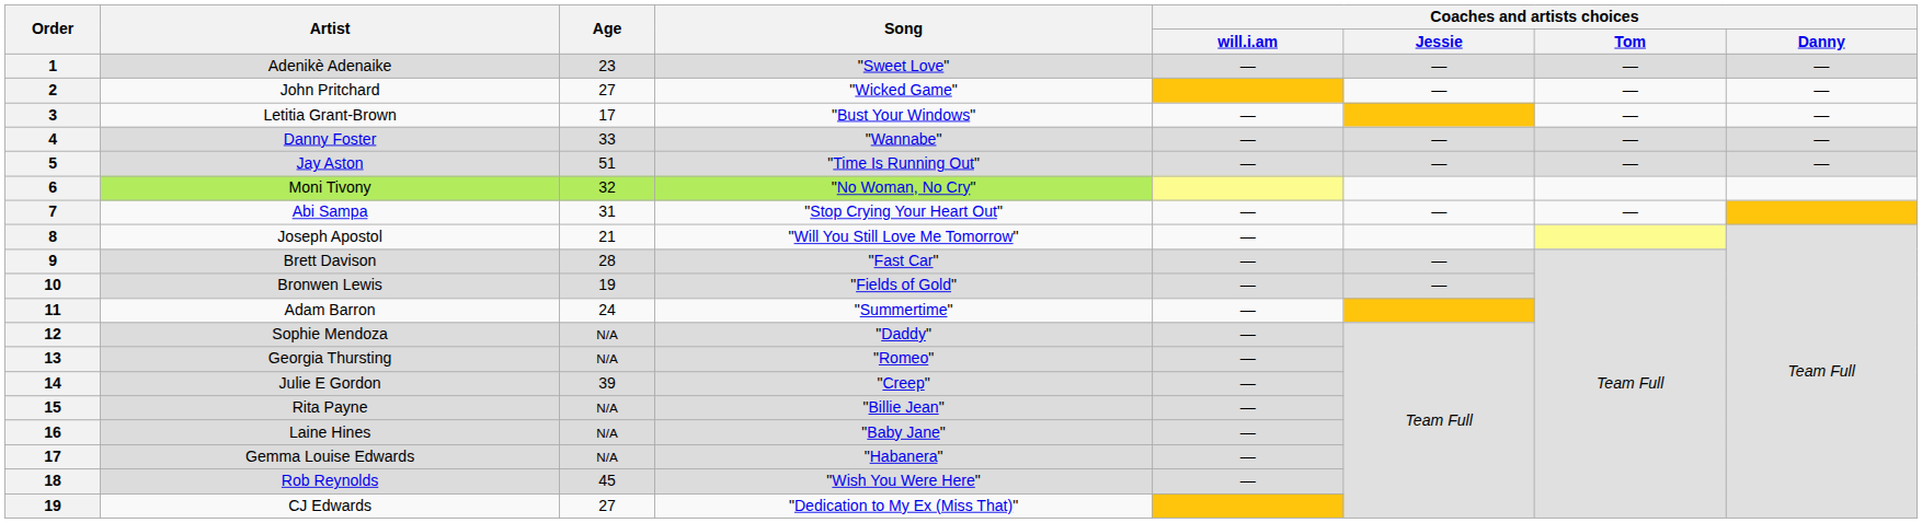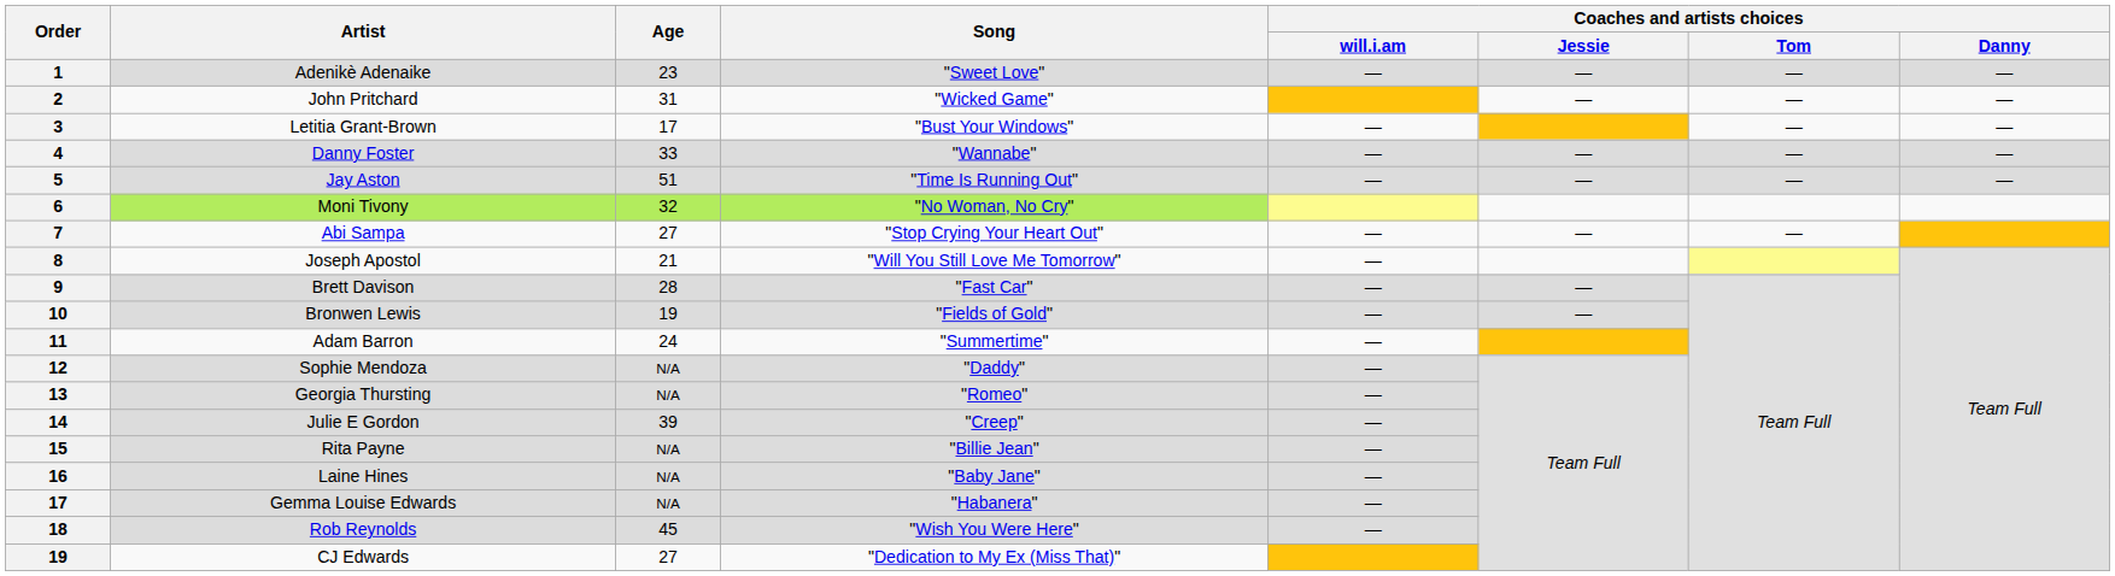 <table class="wikitable" style="text-align:center; width:100%;">
 <tr>
 <th scope="col" rowspan="2" style="width:05%;">Order</th>
 <th scope="col" rowspan="2" style="width:24%;">Artist</th>
 <th scope="col" rowspan="2" style="width:05%;">Age</th>
 <th scope="col" rowspan="2" style="width:26%;">Song</th>
 <th colspan="4" style="width:40%;">Coaches and artists choices</th>
 </tr>
 <tr>
 <th style="width:10%;"><a href='#'>will.i.am</a></th>
 <th style="width:10%;"><a href='#'>Jessie</a></th>
 <th style="width:10%;"><a href='#'>Tom</a></th>
 <th style="width:10%;"><a href='#'>Danny</a></th>
 </tr>
 <tr style="background:#DCDCDC">
 <th scope="col">1</th>
 <td>Adenikè Adenaike</td>
 <td>23</td>
 <td>"<a href='#'>Sweet Love</a>"</td>
 <td>—</td>
 <td>—</td>
 <td>—</td>
 <td>—</td>
 </tr>
 <tr>
 <th scope="col">2</th>
 <td>John Pritchard</td>
-<td>27</td>
+<td>31</td>
 <td>"<a href='#'>Wicked Game</a>"</td>
 <td style="background:#FFC40C; text-align:center;"><strong></strong></td>
 <td>—</td>
 <td>—</td>
 <td>—</td>
 </tr>
 <tr>
 <th scope="col">3</th>
 <td>Letitia Grant-Brown</td>
 <td>17</td>
 <td>"<a href='#'>Bust Your Windows</a>"</td>
 <td>—</td>
 <td style="background:#FFC40C; text-align:center;"><strong></strong></td>
 <td>—</td>
 <td>—</td>
 </tr>
 <tr style="background:#DCDCDC">
 <th scope="col">4</th>
 <td><a href='#'>Danny Foster</a></td>
 <td>33</td>
 <td>"<a href='#'>Wannabe</a>"</td>
 <td>—</td>
 <td>—</td>
 <td>—</td>
 <td>—</td>
 </tr>
 <tr style="background:#DCDCDC">
 <th scope="col">5</th>
 <td><a href='#'>Jay Aston</a></td>
 <td>51</td>
 <td>"<a href='#'>Time Is Running Out</a>"</td>
 <td>—</td>
 <td>—</td>
 <td>—</td>
 <td>—</td>
 </tr>
 <tr>
 <th scope="col">6</th>
 <td style="background-color:#B2EC5D;">Moni Tivony</td>
 <td style="background-color:#B2EC5D;">32</td>
 <td style="background-color:#B2EC5D;">"<a href='#'>No Woman, No Cry</a>"</td>
 <td style="background:#fdfc8f; text-align:center;"><strong></strong></td>
 <td><strong></strong></td>
 <td><strong></strong></td>
 <td><strong></strong></td>
 </tr>
 <tr>
 <th scope="col">7</th>
 <td><a href='#'>Abi Sampa</a></td>
-<td>31</td>
+<td>27</td>
 <td>"<a href='#'>Stop Crying Your Heart Out</a>"</td>
 <td>—</td>
 <td>—</td>
 <td>—</td>
 <td style="background:#FFC40C; text-align:center;"><strong></strong></td>
 </tr>
 <tr>
 <th scope="col">8</th>
 <td>Joseph Apostol</td>
 <td>21</td>
 <td>"<a href='#'>Will You Still Love Me Tomorrow</a>"</td>
 <td>—</td>
 <td><strong></strong></td>
 <td style="background:#fdfc8f; text-align:center;"><strong></strong></td>
 <td rowspan="12" style="background:#e0e0e0"><em>Team Full</em></td>
 </tr>
 <tr style="background:#DCDCDC">
 <th scope="col">9</th>
 <td>Brett Davison</td>
 <td>28</td>
 <td>"<a href='#'>Fast Car</a>"</td>
 <td>—</td>
 <td>—</td>
 <td rowspan="11" style="background:#e0e0e0"><em>Team Full</em></td>
 </tr>
 <tr style="background:#DCDCDC">
 <th scope="col">10</th>
 <td>Bronwen Lewis</td>
 <td>19</td>
 <td>"<a href='#'>Fields of Gold</a>"</td>
 <td>—</td>
 <td>—</td>
 </tr>
 <tr>
 <th scope="col">11</th>
 <td>Adam Barron</td>
 <td>24</td>
 <td>"<a href='#'>Summertime</a>"</td>
 <td>—</td>
 <td style="background:#FFC40C; text-align:center;"><strong></strong></td>
 </tr>
 <tr style="background:#DCDCDC">
 <th scope="col">12</th>
 <td>Sophie Mendoza</td>
 <td><small>N/A</small></td>
 <td>"<a href='#'>Daddy</a>"</td>
 <td>—</td>
 <td rowspan="8" style="background:#e0e0e0"><em>Team Full</em></td>
 </tr>
 <tr style="background:#DCDCDC">
 <th scope="col">13</th>
 <td>Georgia Thursting</td>
 <td><small>N/A</small></td>
 <td>"<a href='#'>Romeo</a>"</td>
 <td>—</td>
 </tr>
 <tr style="background:#DCDCDC">
 <th scope="col">14</th>
 <td>Julie E Gordon</td>
 <td>39</td>
 <td>"<a href='#'>Creep</a>"</td>
 <td>—</td>
 </tr>
 <tr style="background:#DCDCDC">
 <th scope="col">15</th>
 <td>Rita Payne</td>
 <td><small>N/A</small></td>
 <td>"<a href='#'>Billie Jean</a>"</td>
 <td>—</td>
 </tr>
 <tr style="background:#DCDCDC">
 <th scope="col">16</th>
 <td>Laine Hines</td>
 <td><small>N/A</small></td>
 <td>"<a href='#'>Baby Jane</a>"</td>
 <td>—</td>
 </tr>
 <tr style="background:#DCDCDC">
 <th scope="col">17</th>
 <td>Gemma Louise Edwards</td>
 <td><small>N/A</small></td>
 <td>"<a href='#'>Habanera</a>"</td>
 <td>—</td>
 </tr>
 <tr style="background:#DCDCDC">
 <th scope="col">18</th>
 <td><a href='#'>Rob Reynolds</a></td>
 <td>45</td>
 <td>"<a href='#'>Wish You Were Here</a>"</td>
 <td>—</td>
 </tr>
 <tr>
 <th scope="col">19</th>
 <td>CJ Edwards</td>
 <td>27</td>
 <td>"<a href='#'>Dedication to My Ex (Miss That)</a>"</td>
 <td style="background:#FFC40C; text-align:center;"><strong></strong></td>
 </tr>
 </table>
